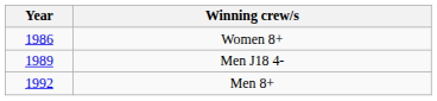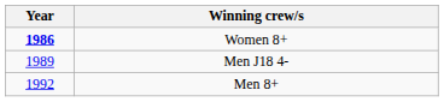 <table class="wikitable" style="text-align:center">
 <tr>
 <th width=70>Year</th>
 <th width=400>Winning crew/s</th>
 </tr>
 <tr>
-<td><a href='#'>1986</a></td>
+<td><strong><a href='#'>1986</a></strong></td>
 <td>Women 8+</td>
 </tr>
 <tr>
 <td><a href='#'>1989</a></td>
 <td>Men J18 4-</td>
 </tr>
 <tr>
 <td><a href='#'>1992</a></td>
 <td>Men 8+ </td>
 </tr>
 </table>
